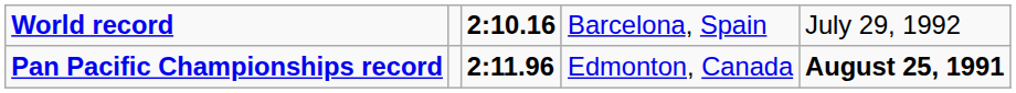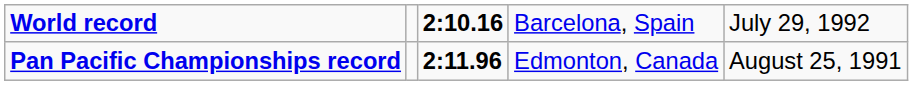 <table class="wikitable">
 <tr>
 <td><strong><a href='#'>World record</a></strong></td>
 <td></td>
 <td><strong>2:10.16</strong></td>
 <td><a href='#'>Barcelona</a>, <a href='#'>Spain</a></td>
 <td>July 29, 1992</td>
 </tr>
 <tr>
 <td><strong><a href='#'>Pan Pacific Championships record</a></strong></td>
 <td></td>
 <td><strong>2:11.96</strong></td>
 <td><a href='#'>Edmonton</a>, <a href='#'>Canada</a></td>
-<td><strong>August 25, 1991</strong></td>
+<td>August 25, 1991</td>
 </tr>
 </table>
